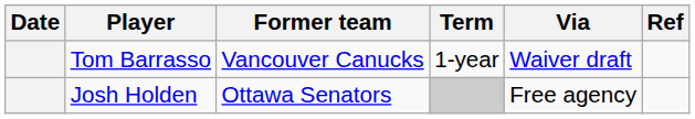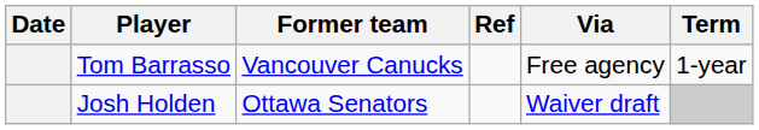 <table class="wikitable plainrowheaders">
 <tr style="background:#ddd; text-align:center;">
 <th>Date</th>
 <th>Player</th>
 <th>Former team</th>
+<th>Ref</th>
+<th>Via</th>
 <th>Term</th>
-<th>Via</th>
-<th>Ref</th>
 </tr>
 <tr>
 <th scope="row"></th>
 <td><a href='#'>Tom Barrasso</a></td>
 <td><a href='#'>Vancouver Canucks</a></td>
+<td></td>
+<td>Free agency</td>
 <td>1-year</td>
-<td><a href='#'>Waiver draft</a></td>
-<td></td>
 </tr>
 <tr>
 <th scope="row"></th>
 <td><a href='#'>Josh Holden</a></td>
 <td><a href='#'>Ottawa Senators</a></td>
+<td></td>
+<td><a href='#'>Waiver draft</a></td>
 <td style="background:#ccc"></td>
-<td>Free agency</td>
-<td></td>
 </tr>
 </table>
